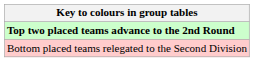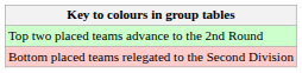 <table class="wikitable">
 <tr>
 <th>Key to colours in group tables</th>
 </tr>
 <tr bgcolor=#ccffcc>
-<td><strong>Top two placed teams advance to the 2nd Round</strong></td>
+<td>Top two placed teams advance to the 2nd Round</td>
 </tr>
 <tr bgcolor=#ffcccc>
 <td>Bottom placed teams relegated to the Second Division</td>
 </tr>
 </table>
